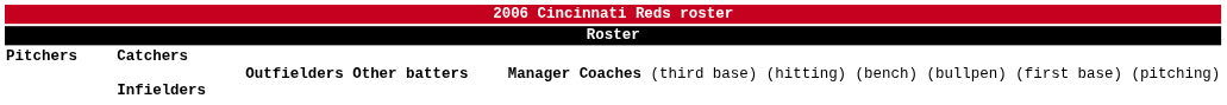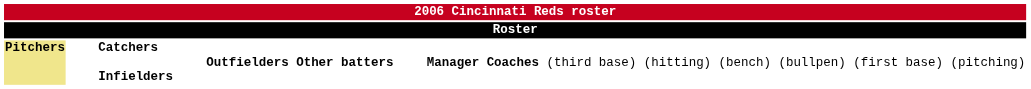 <table class="toccolours" style="font-size: 95%;">
 <tr>
 <th colspan="10" style="background-color: #c6011f; color: #FFFFFF; text-align: center;">2006 Cincinnati Reds roster</th>
 </tr>
 <tr>
 <td colspan="7" style="background-color: black; color: #FFFFFF; text-align: center;"><strong>Roster</strong></td>
 </tr>
 <tr>
-<td valign="top"><strong>Pitchers</strong><br>                            </td>
+<td valign="top" style="background: khaki;"><strong>Pitchers</strong><br>                            </td>
 <td width="25px"></td>
 <td valign="top"><strong>Catchers</strong><br><br>  <strong>Infielders</strong>          </td>
 <td width="25px"></td>
 <td valign="top"><br><strong>Outfielders</strong>            <strong>Other batters</strong> </td>
 <td width="25px"></td>
 <td valign="top"><br><strong>Manager</strong>  <strong>Coaches</strong>  (third base)  (hitting)  (bench)  (bullpen)  (first base)  (pitching)</td>
 </tr>
 </table>
